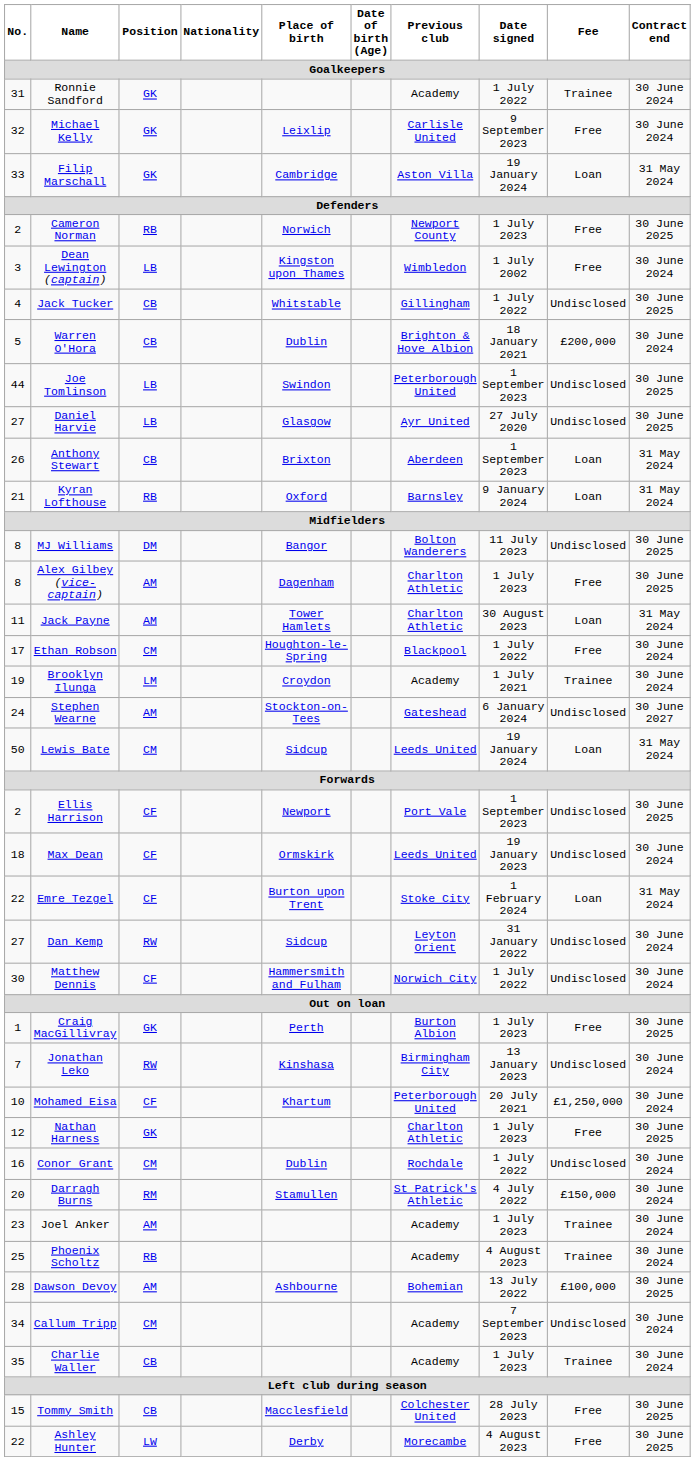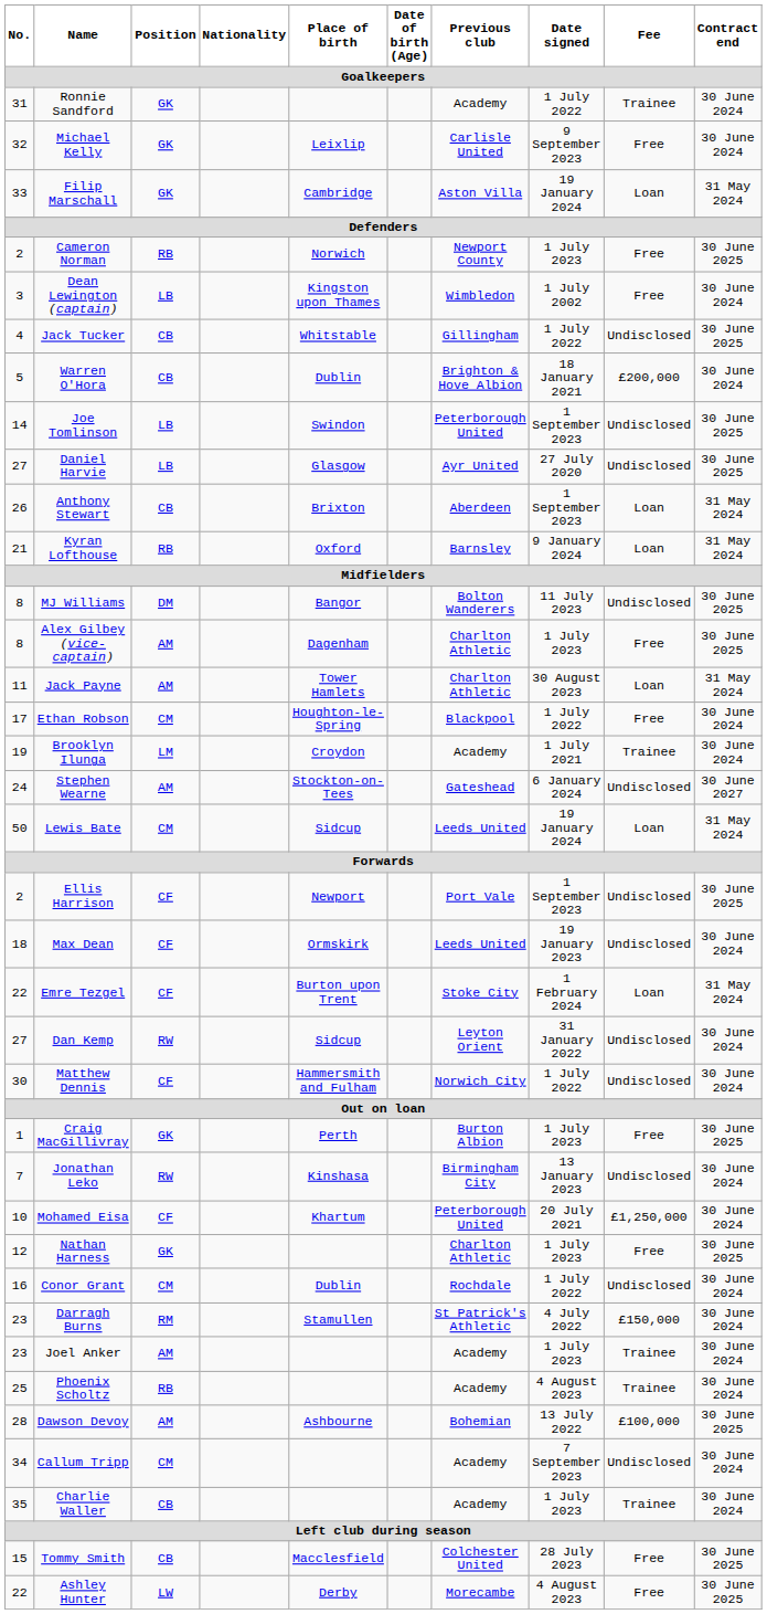 <table class="wikitable" style="text-align:center; font-size:84.5%; width:101%;">
 <tr>
 <th style="background:white; color:black; ">No.</th>
 <th style="background:white; color:black; ">Name</th>
 <th style="background:white; color:black; ">Position</th>
 <th style="background:white; color:black; ">Nationality</th>
 <th style="background:white; color:black; ">Place of birth</th>
 <th style="background:white; color:black; ">Date of birth (Age)</th>
 <th style="background:white; color:black; ">Previous club</th>
 <th style="background:white; color:black; ">Date signed</th>
 <th style="background:white; color:black; ">Fee</th>
 <th style="background:white; color:black; ">Contract end</th>
 </tr>
 <tr>
 <th colspan="14" style="background:#dcdcdc; tepxt-align:center;">Goalkeepers</th>
 </tr>
 <tr>
 <td>31</td>
 <td>Ronnie Sandford</td>
 <td><a href='#'>GK</a></td>
 <td></td>
 <td></td>
 <td></td>
 <td>Academy</td>
 <td>1 July 2022</td>
 <td>Trainee</td>
 <td>30 June 2024</td>
 </tr>
 <tr>
 <td>32</td>
 <td><a href='#'>Michael Kelly</a></td>
 <td><a href='#'>GK</a></td>
 <td></td>
 <td><a href='#'>Leixlip</a></td>
 <td></td>
 <td><a href='#'>Carlisle United</a></td>
 <td>9 September 2023</td>
 <td>Free</td>
 <td>30 June 2024</td>
 </tr>
 <tr>
 <td>33</td>
 <td><a href='#'>Filip Marschall</a></td>
 <td><a href='#'>GK</a></td>
 <td></td>
 <td><a href='#'>Cambridge</a></td>
 <td></td>
 <td><a href='#'>Aston Villa</a></td>
 <td>19 January 2024</td>
 <td>Loan</td>
 <td>31 May 2024</td>
 </tr>
 <tr>
 <th colspan="14" style="background:#dcdcdc; tepxt-align:center;">Defenders</th>
 </tr>
 <tr>
 <td>2</td>
 <td><a href='#'>Cameron Norman</a></td>
 <td><a href='#'>RB</a></td>
 <td></td>
 <td><a href='#'>Norwich</a></td>
 <td></td>
 <td> <a href='#'>Newport County</a></td>
 <td>1 July 2023</td>
 <td>Free</td>
 <td>30 June 2025</td>
 </tr>
 <tr>
 <td>3</td>
 <td><a href='#'>Dean Lewington</a> <em>(<a href='#'>captain</a>)</em></td>
 <td><a href='#'>LB</a></td>
 <td></td>
 <td><a href='#'>Kingston upon Thames</a></td>
 <td></td>
 <td><a href='#'>Wimbledon</a></td>
 <td>1 July 2002</td>
 <td>Free</td>
 <td>30 June 2024</td>
 </tr>
 <tr>
 <td>4</td>
 <td><a href='#'>Jack Tucker</a></td>
 <td><a href='#'>CB</a></td>
 <td></td>
 <td><a href='#'>Whitstable</a></td>
 <td></td>
 <td><a href='#'>Gillingham</a></td>
 <td>1 July 2022</td>
 <td>Undisclosed</td>
 <td>30 June 2025</td>
 </tr>
 <tr>
 <td>5</td>
 <td><a href='#'>Warren O'Hora</a></td>
 <td><a href='#'>CB</a></td>
 <td></td>
 <td><a href='#'>Dublin</a></td>
 <td></td>
 <td><a href='#'>Brighton & Hove Albion</a></td>
 <td>18 January 2021</td>
 <td>£200,000</td>
 <td>30 June 2024</td>
 </tr>
 <tr>
-<td>44</td>
+<td>14</td>
 <td><a href='#'>Joe Tomlinson</a></td>
 <td><a href='#'>LB</a></td>
 <td></td>
 <td><a href='#'>Swindon</a></td>
 <td></td>
 <td><a href='#'>Peterborough United</a></td>
 <td>1 September 2023</td>
 <td>Undisclosed</td>
 <td>30 June 2025</td>
 </tr>
 <tr>
 <td>27</td>
 <td><a href='#'>Daniel Harvie</a></td>
 <td><a href='#'>LB</a></td>
 <td></td>
 <td><a href='#'>Glasgow</a></td>
 <td></td>
 <td> <a href='#'>Ayr United</a></td>
 <td>27 July 2020</td>
 <td>Undisclosed</td>
 <td>30 June 2025</td>
 </tr>
 <tr>
 <td>26</td>
 <td><a href='#'>Anthony Stewart</a></td>
 <td><a href='#'>CB</a></td>
 <td></td>
 <td><a href='#'>Brixton</a></td>
 <td></td>
 <td> <a href='#'>Aberdeen</a></td>
 <td>1 September 2023</td>
 <td>Loan</td>
 <td>31 May 2024</td>
 </tr>
 <tr>
 <td>21</td>
 <td><a href='#'>Kyran Lofthouse</a></td>
 <td><a href='#'>RB</a></td>
 <td></td>
 <td><a href='#'>Oxford</a></td>
 <td></td>
 <td><a href='#'>Barnsley</a></td>
 <td>9 January 2024</td>
 <td>Loan</td>
 <td>31 May 2024</td>
 </tr>
 <tr>
 <th colspan="14" style="background:#dcdcdc; tepxt-align:center;">Midfielders</th>
 </tr>
 <tr>
 <td>8</td>
 <td><a href='#'>MJ Williams</a></td>
 <td><a href='#'>DM</a></td>
 <td></td>
 <td><a href='#'>Bangor</a></td>
 <td></td>
 <td><a href='#'>Bolton Wanderers</a></td>
 <td>11 July 2023</td>
 <td>Undisclosed</td>
 <td>30 June 2025</td>
 </tr>
 <tr>
 <td>8</td>
 <td><a href='#'>Alex Gilbey</a> <em>(<a href='#'>vice-captain</a>)</em></td>
 <td><a href='#'>AM</a></td>
 <td></td>
 <td><a href='#'>Dagenham</a></td>
 <td></td>
 <td><a href='#'>Charlton Athletic</a></td>
 <td>1 July 2023</td>
 <td>Free</td>
 <td>30 June 2025</td>
 </tr>
 <tr>
 <td>11</td>
 <td><a href='#'>Jack Payne</a></td>
 <td><a href='#'>AM</a></td>
 <td></td>
 <td><a href='#'>Tower Hamlets</a></td>
 <td></td>
 <td><a href='#'>Charlton Athletic</a></td>
 <td>30 August 2023</td>
 <td>Loan</td>
 <td>31 May 2024</td>
 </tr>
 <tr>
 <td>17</td>
 <td><a href='#'>Ethan Robson</a></td>
 <td><a href='#'>CM</a></td>
 <td></td>
 <td><a href='#'>Houghton-le-Spring</a></td>
 <td></td>
 <td><a href='#'>Blackpool</a></td>
 <td>1 July 2022</td>
 <td>Free</td>
 <td>30 June 2024</td>
 </tr>
 <tr>
 <td>19</td>
 <td><a href='#'>Brooklyn Ilunga</a></td>
 <td><a href='#'>LM</a></td>
 <td></td>
 <td><a href='#'>Croydon</a></td>
 <td></td>
 <td>Academy</td>
 <td>1 July 2021</td>
 <td>Trainee</td>
 <td>30 June 2024</td>
 </tr>
 <tr>
 <td>24</td>
 <td><a href='#'>Stephen Wearne</a></td>
 <td><a href='#'>AM</a></td>
 <td></td>
 <td><a href='#'>Stockton-on-Tees</a></td>
 <td></td>
 <td><a href='#'>Gateshead</a></td>
 <td>6 January 2024</td>
 <td>Undisclosed</td>
 <td>30 June 2027</td>
 </tr>
 <tr>
 <td>50</td>
 <td><a href='#'>Lewis Bate</a></td>
 <td><a href='#'>CM</a></td>
 <td></td>
 <td><a href='#'>Sidcup</a></td>
 <td></td>
 <td><a href='#'>Leeds United</a></td>
 <td>19 January 2024</td>
 <td>Loan</td>
 <td>31 May 2024</td>
 </tr>
 <tr>
 <th colspan="14" style="background:#dcdcdc; tepxt-align:center;">Forwards</th>
 </tr>
 <tr>
 <td>2</td>
 <td><a href='#'>Ellis Harrison</a></td>
 <td><a href='#'>CF</a></td>
 <td></td>
 <td><a href='#'>Newport</a></td>
 <td></td>
 <td><a href='#'>Port Vale</a></td>
 <td>1 September 2023</td>
 <td>Undisclosed</td>
 <td>30 June 2025</td>
 </tr>
 <tr>
 <td>18</td>
 <td><a href='#'>Max Dean</a></td>
 <td><a href='#'>CF</a></td>
 <td></td>
 <td><a href='#'>Ormskirk</a></td>
 <td></td>
 <td><a href='#'>Leeds United</a></td>
 <td>19 January 2023</td>
 <td>Undisclosed</td>
 <td>30 June 2024</td>
 </tr>
 <tr>
 <td>22</td>
 <td><a href='#'>Emre Tezgel</a></td>
 <td><a href='#'>CF</a></td>
 <td></td>
 <td><a href='#'>Burton upon Trent</a></td>
 <td></td>
 <td><a href='#'>Stoke City</a></td>
 <td>1 February 2024</td>
 <td>Loan</td>
 <td>31 May 2024</td>
 </tr>
 <tr>
 <td>27</td>
 <td><a href='#'>Dan Kemp</a></td>
 <td><a href='#'>RW</a></td>
 <td></td>
 <td><a href='#'>Sidcup</a></td>
 <td></td>
 <td><a href='#'>Leyton Orient</a></td>
 <td>31 January 2022</td>
 <td>Undisclosed</td>
 <td>30 June 2024</td>
 </tr>
 <tr>
 <td>30</td>
 <td><a href='#'>Matthew Dennis</a></td>
 <td><a href='#'>CF</a></td>
 <td></td>
 <td><a href='#'>Hammersmith and Fulham</a></td>
 <td></td>
 <td><a href='#'>Norwich City</a></td>
 <td>1 July 2022</td>
 <td>Undisclosed</td>
 <td>30 June 2024</td>
 </tr>
 <tr>
 <th colspan="14" style="background:#dcdcdc; tepxt-align:center;">Out on loan</th>
 </tr>
 <tr>
 <td>1</td>
 <td><a href='#'>Craig MacGillivray</a></td>
 <td><a href='#'>GK</a></td>
 <td></td>
 <td><a href='#'>Perth</a></td>
 <td></td>
 <td><a href='#'>Burton Albion</a></td>
 <td>1 July 2023</td>
 <td>Free</td>
 <td>30 June 2025</td>
 </tr>
 <tr>
 <td>7</td>
 <td><a href='#'>Jonathan Leko</a></td>
 <td><a href='#'>RW</a></td>
 <td></td>
 <td> <a href='#'>Kinshasa</a></td>
 <td></td>
 <td><a href='#'>Birmingham City</a></td>
 <td>13 January 2023</td>
 <td>Undisclosed</td>
 <td>30 June 2024</td>
 </tr>
 <tr>
 <td>10</td>
 <td><a href='#'>Mohamed Eisa</a></td>
 <td><a href='#'>CF</a></td>
 <td></td>
 <td><a href='#'>Khartum</a></td>
 <td></td>
 <td><a href='#'>Peterborough United</a></td>
 <td>20 July 2021</td>
 <td>£1,250,000</td>
 <td>30 June 2024</td>
 </tr>
 <tr>
 <td>12</td>
 <td><a href='#'>Nathan Harness</a></td>
 <td><a href='#'>GK</a></td>
 <td></td>
 <td></td>
 <td></td>
 <td><a href='#'>Charlton Athletic</a></td>
 <td>1 July 2023</td>
 <td>Free</td>
 <td>30 June 2025</td>
 </tr>
 <tr>
 <td>16</td>
 <td><a href='#'>Conor Grant</a></td>
 <td><a href='#'>CM</a></td>
 <td></td>
 <td><a href='#'>Dublin</a></td>
 <td></td>
 <td><a href='#'>Rochdale</a></td>
 <td>1 July 2022</td>
 <td>Undisclosed</td>
 <td>30 June 2024</td>
 </tr>
 <tr>
-<td>20</td>
+<td>23</td>
 <td><a href='#'>Darragh Burns</a></td>
 <td><a href='#'>RM</a></td>
 <td></td>
 <td><a href='#'>Stamullen</a></td>
 <td></td>
 <td> <a href='#'>St Patrick's Athletic</a></td>
 <td>4 July 2022</td>
 <td>£150,000</td>
 <td>30 June 2024</td>
 </tr>
 <tr>
 <td>23</td>
 <td>Joel Anker</td>
 <td><a href='#'>AM</a></td>
 <td></td>
 <td></td>
 <td></td>
 <td>Academy</td>
 <td>1 July 2023</td>
 <td>Trainee</td>
 <td>30 June 2024</td>
 </tr>
 <tr>
 <td>25</td>
 <td><a href='#'>Phoenix Scholtz</a></td>
 <td><a href='#'>RB</a></td>
 <td></td>
 <td></td>
 <td></td>
 <td>Academy</td>
 <td>4 August 2023</td>
 <td>Trainee</td>
 <td>30 June 2024</td>
 </tr>
 <tr>
 <td>28</td>
 <td><a href='#'>Dawson Devoy</a></td>
 <td><a href='#'>AM</a></td>
 <td></td>
 <td><a href='#'>Ashbourne</a></td>
 <td></td>
 <td> <a href='#'>Bohemian</a></td>
 <td>13 July 2022</td>
 <td>£100,000</td>
 <td>30 June 2025</td>
 </tr>
 <tr>
 <td>34</td>
 <td><a href='#'>Callum Tripp</a></td>
 <td><a href='#'>CM</a></td>
 <td></td>
 <td></td>
 <td></td>
 <td>Academy</td>
 <td>7 September 2023</td>
 <td>Undisclosed</td>
 <td>30 June 2024</td>
 </tr>
 <tr>
 <td>35</td>
 <td><a href='#'>Charlie Waller</a></td>
 <td><a href='#'>CB</a></td>
 <td></td>
 <td></td>
 <td></td>
 <td>Academy</td>
 <td>1 July 2023</td>
 <td>Trainee</td>
 <td>30 June 2024</td>
 </tr>
 <tr>
 <th colspan="14" style="background:#dcdcdc; tepxt-align:center;">Left club during season</th>
 </tr>
 <tr>
 <td>15</td>
 <td><a href='#'>Tommy Smith</a></td>
 <td><a href='#'>CB</a></td>
 <td></td>
 <td> <a href='#'>Macclesfield</a></td>
 <td></td>
 <td><a href='#'>Colchester United</a></td>
 <td>28 July 2023</td>
 <td>Free</td>
 <td>30 June 2025</td>
 </tr>
 <tr>
 <td>22</td>
 <td><a href='#'>Ashley Hunter</a></td>
 <td><a href='#'>LW</a></td>
 <td></td>
 <td><a href='#'>Derby</a></td>
 <td></td>
 <td><a href='#'>Morecambe</a></td>
 <td>4 August 2023</td>
 <td>Free</td>
 <td>30 June 2025</td>
 </tr>
 </table>
